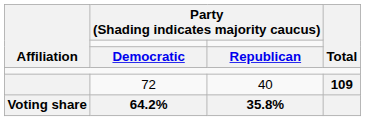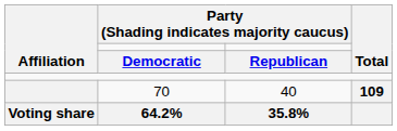 <table class=wikitable style="text-align:center">
 <tr style="vertical-align:bottom;">
 <th rowspan=3>Affiliation</th>
 <th colspan=2>Party <div>(Shading indicates majority caucus)</div></th>
 <th rowspan=3>Total</th>
 </tr>
 <tr style="height:5px">
 <td style="background-color:"></td>
 <td style="background-color:"></td>
 </tr>
 <tr>
 <th><a href='#'>Democratic</a></th>
 <th><a href='#'>Republican</a></th>
 </tr>
 <tr>
 <td colspan=5></td>
 </tr>
 <tr>
 <th nowrap style="font-size:80%"></th>
-<td>72</td>
+<td>70</td>
 <td>40</td>
 <th>109</th>
 </tr>
 <tr>
 <th>Voting share</th>
 <th>64.2%</th>
 <th>35.8%</th>
 <th colspan=2></th>
 </tr>
 </table>
